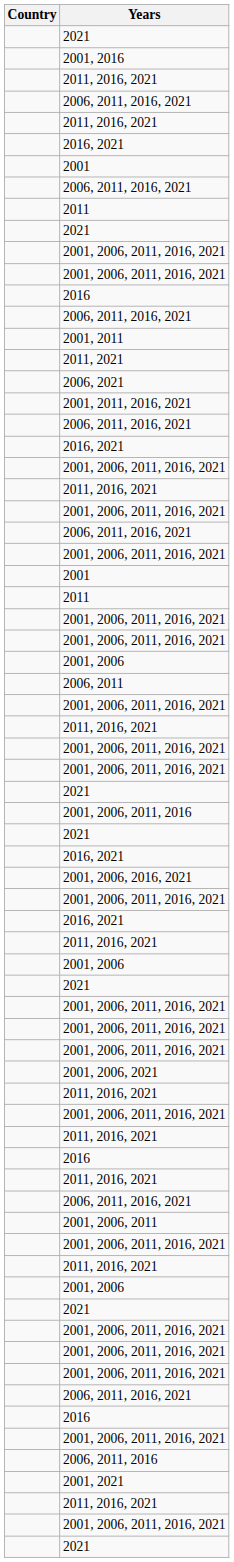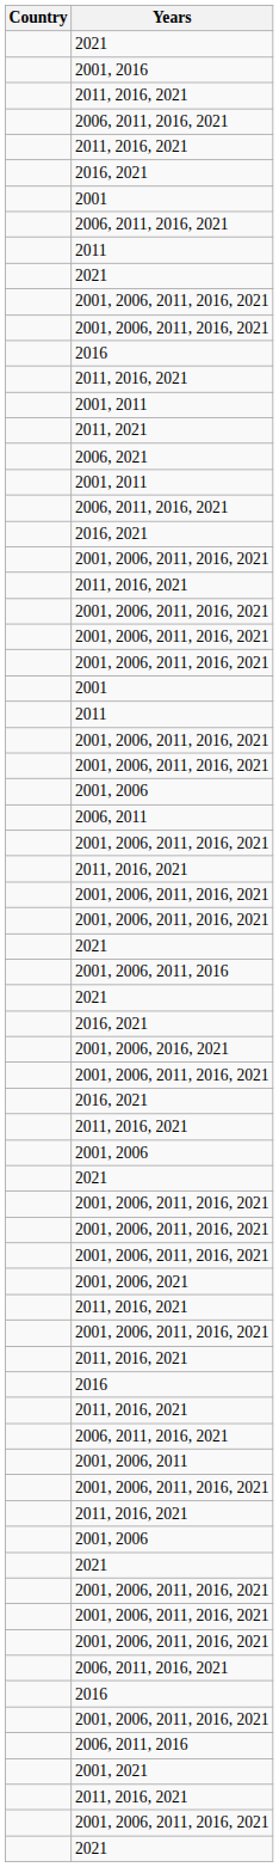 <table class="wikitable sortable">
 <tr>
 <th>Country</th>
 <th>Years</th>
 </tr>
 <tr>
 <td></td>
 <td>2021</td>
 </tr>
 <tr>
 <td></td>
 <td>2001, 2016</td>
 </tr>
 <tr>
 <td></td>
 <td>2011, 2016, 2021</td>
 </tr>
 <tr>
 <td></td>
 <td>2006, 2011, 2016, 2021</td>
 </tr>
 <tr>
 <td></td>
 <td>2011, 2016, 2021</td>
 </tr>
 <tr>
 <td></td>
 <td>2016, 2021</td>
 </tr>
 <tr>
 <td></td>
 <td>2001</td>
 </tr>
 <tr>
 <td></td>
 <td>2006, 2011, 2016, 2021</td>
 </tr>
 <tr>
 <td></td>
 <td>2011</td>
 </tr>
 <tr>
 <td></td>
 <td>2021</td>
 </tr>
 <tr>
 <td></td>
 <td>2001, 2006, 2011, 2016, 2021</td>
 </tr>
 <tr>
 <td></td>
 <td>2001, 2006, 2011, 2016, 2021</td>
 </tr>
 <tr>
 <td></td>
 <td>2016</td>
 </tr>
 <tr>
 <td></td>
-<td>2006, 2011, 2016, 2021</td>
+<td>2011, 2016, 2021</td>
 </tr>
 <tr>
 <td></td>
 <td>2001, 2011</td>
 </tr>
 <tr>
 <td></td>
 <td>2011, 2021</td>
 </tr>
 <tr>
 <td></td>
 <td>2006, 2021</td>
 </tr>
 <tr>
 <td></td>
-<td>2001, 2011, 2016, 2021</td>
+<td>2001, 2011</td>
 </tr>
 <tr>
 <td></td>
 <td>2006, 2011, 2016, 2021</td>
 </tr>
 <tr>
 <td></td>
 <td>2016, 2021</td>
 </tr>
 <tr>
 <td></td>
 <td>2001, 2006, 2011, 2016, 2021</td>
 </tr>
 <tr>
 <td></td>
 <td>2011, 2016, 2021</td>
 </tr>
 <tr>
 <td></td>
 <td>2001, 2006, 2011, 2016, 2021</td>
 </tr>
 <tr>
 <td></td>
-<td>2006, 2011, 2016, 2021</td>
+<td>2001, 2006, 2011, 2016, 2021</td>
 </tr>
 <tr>
 <td></td>
 <td>2001, 2006, 2011, 2016, 2021</td>
 </tr>
 <tr>
 <td></td>
 <td>2001</td>
 </tr>
 <tr>
 <td></td>
 <td>2011</td>
 </tr>
 <tr>
 <td></td>
 <td>2001, 2006, 2011, 2016, 2021</td>
 </tr>
 <tr>
 <td></td>
 <td>2001, 2006, 2011, 2016, 2021</td>
 </tr>
 <tr>
 <td></td>
 <td>2001, 2006</td>
 </tr>
 <tr>
 <td></td>
 <td>2006, 2011</td>
 </tr>
 <tr>
 <td></td>
 <td>2001, 2006, 2011, 2016, 2021</td>
 </tr>
 <tr>
 <td></td>
 <td>2011, 2016, 2021</td>
 </tr>
 <tr>
 <td></td>
 <td>2001, 2006, 2011, 2016, 2021</td>
 </tr>
 <tr>
 <td></td>
 <td>2001, 2006, 2011, 2016, 2021</td>
 </tr>
 <tr>
 <td></td>
 <td>2021</td>
 </tr>
 <tr>
 <td></td>
 <td>2001, 2006, 2011, 2016</td>
 </tr>
 <tr>
 <td></td>
 <td>2021</td>
 </tr>
 <tr>
 <td></td>
 <td>2016, 2021</td>
 </tr>
 <tr>
 <td></td>
 <td>2001, 2006, 2016, 2021</td>
 </tr>
 <tr>
 <td></td>
 <td>2001, 2006, 2011, 2016, 2021</td>
 </tr>
 <tr>
 <td></td>
 <td>2016, 2021</td>
 </tr>
 <tr>
 <td></td>
 <td>2011, 2016, 2021</td>
 </tr>
 <tr>
 <td></td>
 <td>2001, 2006</td>
 </tr>
 <tr>
 <td></td>
 <td>2021</td>
 </tr>
 <tr>
 <td></td>
 <td>2001, 2006, 2011, 2016, 2021</td>
 </tr>
 <tr>
 <td></td>
 <td>2001, 2006, 2011, 2016, 2021</td>
 </tr>
 <tr>
 <td></td>
 <td>2001, 2006, 2011, 2016, 2021</td>
 </tr>
 <tr>
 <td></td>
 <td>2001, 2006, 2021</td>
 </tr>
 <tr>
 <td></td>
 <td>2011, 2016, 2021</td>
 </tr>
 <tr>
 <td></td>
 <td>2001, 2006, 2011, 2016, 2021</td>
 </tr>
 <tr>
 <td></td>
 <td>2011, 2016, 2021</td>
 </tr>
 <tr>
 <td></td>
 <td>2016</td>
 </tr>
 <tr>
 <td></td>
 <td>2011, 2016, 2021</td>
 </tr>
 <tr>
 <td></td>
 <td>2006, 2011, 2016, 2021</td>
 </tr>
 <tr>
 <td></td>
 <td>2001, 2006, 2011</td>
 </tr>
 <tr>
 <td></td>
 <td>2001, 2006, 2011, 2016, 2021</td>
 </tr>
 <tr>
 <td></td>
 <td>2011, 2016, 2021</td>
 </tr>
 <tr>
 <td></td>
 <td>2001, 2006</td>
 </tr>
 <tr>
 <td></td>
 <td>2021</td>
 </tr>
 <tr>
 <td></td>
 <td>2001, 2006, 2011, 2016, 2021</td>
 </tr>
 <tr>
 <td></td>
 <td>2001, 2006, 2011, 2016, 2021</td>
 </tr>
 <tr>
 <td></td>
 <td>2001, 2006, 2011, 2016, 2021</td>
 </tr>
 <tr>
 <td></td>
 <td>2006, 2011, 2016, 2021</td>
 </tr>
 <tr>
 <td></td>
 <td>2016</td>
 </tr>
 <tr>
 <td></td>
 <td>2001, 2006, 2011, 2016, 2021</td>
 </tr>
 <tr>
 <td></td>
 <td>2006, 2011, 2016</td>
 </tr>
 <tr>
 <td></td>
 <td>2001, 2021</td>
 </tr>
 <tr>
 <td></td>
 <td>2011, 2016, 2021</td>
 </tr>
 <tr>
 <td></td>
 <td>2001, 2006, 2011, 2016, 2021</td>
 </tr>
 <tr>
 <td></td>
 <td>2021</td>
 </tr>
 </table>
